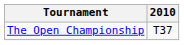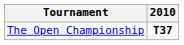 <table class="wikitable" style="font-size:95%;text-align:center;">
 <tr>
 <th>Tournament</th>
 <th>2010</th>
 </tr>
 <tr>
 <td align=left><a href='#'>The Open Championship</a></td>
-<td align="center">T37</td>
+<td align="center"><strong>T37</strong></td>
 </tr>
 </table>
